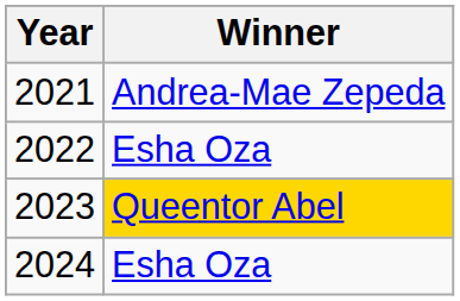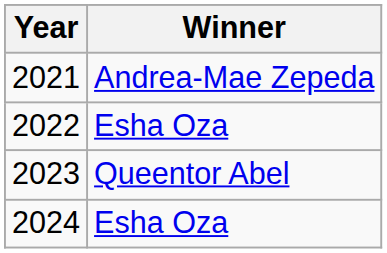 <table class="wikitable">
 <tr>
 <th>Year</th>
 <th>Winner</th>
 </tr>
 <tr>
 <td>2021</td>
 <td> <a href='#'>Andrea-Mae Zepeda</a></td>
 </tr>
 <tr>
 <td>2022</td>
 <td> <a href='#'>Esha Oza</a></td>
 </tr>
 <tr>
 <td>2023</td>
-<td style="background: gold;"> <a href='#'>Queentor Abel</a></td>
+<td> <a href='#'>Queentor Abel</a></td>
 </tr>
 <tr>
 <td>2024</td>
 <td> <a href='#'>Esha Oza</a></td>
 </tr>
 </table>
